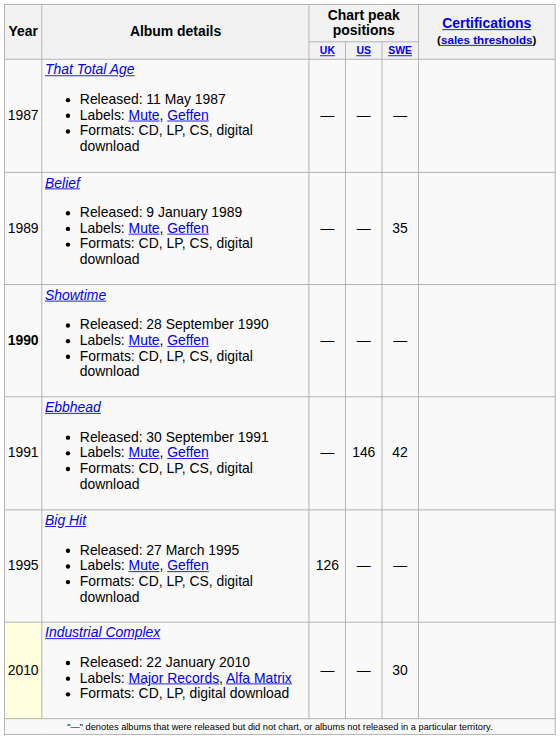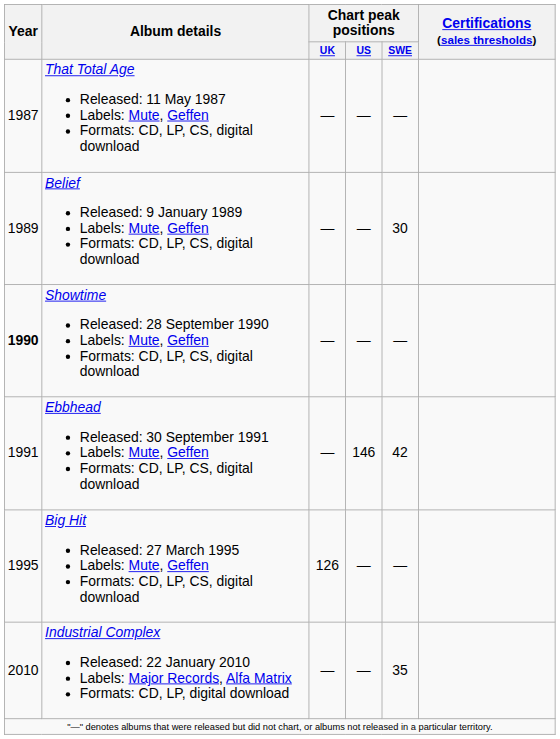 <table class="wikitable">
 <tr>
 <th rowspan="2" style="width:30px;">Year</th>
 <th rowspan="2" style="width:300px;">Album details</th>
 <th colspan="3">Chart peak positions</th>
 <th rowspan="2" style="width:150px;"><a href='#'>Certifications</a><br><small>(<a href='#'>sales thresholds</a>)</small></th>
 </tr>
 <tr>
 <th style="width:3em;font-size:75%;"><a href='#'>UK</a><br></th>
 <th style="width:3em;font-size:75%;"><a href='#'>US</a><br></th>
 <th style="width:3em;font-size:75%;"><a href='#'>SWE</a><br></th>
 </tr>
 <tr>
 <td>1987</td>
 <td><em><a href='#'>That Total Age</a></em><br><ul><li>Released: 11 May 1987</li><li>Labels: <a href='#'>Mute</a>, <a href='#'>Geffen</a></li><li>Formats: CD, LP, CS, digital download</li></ul></td>
 <td style="text-align:center;">—</td>
 <td style="text-align:center;">—</td>
 <td style="text-align:center;">—</td>
 <td align="left"></td>
 </tr>
 <tr>
 <td>1989</td>
 <td><em><a href='#'>Belief</a></em><br><ul><li>Released: 9 January 1989</li><li>Labels: <a href='#'>Mute</a>, <a href='#'>Geffen</a></li><li>Formats: CD, LP, CS, digital download</li></ul></td>
 <td style="text-align:center;">—</td>
 <td style="text-align:center;">—</td>
-<td style="text-align:center;">35</td>
+<td style="text-align:center;">30</td>
 <td align="left"></td>
 </tr>
 <tr>
 <td><strong>1990</strong></td>
 <td><em><a href='#'>Showtime</a></em><br><ul><li>Released: 28 September 1990</li><li>Labels: <a href='#'>Mute</a>, <a href='#'>Geffen</a></li><li>Formats: CD, LP, CS, digital download</li></ul></td>
 <td style="text-align:center;">—</td>
 <td style="text-align:center;">—</td>
 <td style="text-align:center;">—</td>
 <td align="left"></td>
 </tr>
 <tr>
 <td>1991</td>
 <td><em><a href='#'>Ebbhead</a></em><br><ul><li>Released: 30 September 1991</li><li>Labels: <a href='#'>Mute</a>, <a href='#'>Geffen</a></li><li>Formats: CD, LP, CS, digital download</li></ul></td>
 <td style="text-align:center;">—</td>
 <td style="text-align:center;">146</td>
 <td style="text-align:center;">42</td>
 <td align="left"></td>
 </tr>
 <tr>
 <td>1995</td>
 <td><em><a href='#'>Big Hit</a></em><br><ul><li>Released: 27 March 1995</li><li>Labels: <a href='#'>Mute</a>, <a href='#'>Geffen</a></li><li>Formats: CD, LP, CS, digital download</li></ul></td>
 <td style="text-align:center;">126</td>
 <td style="text-align:center;">—</td>
 <td style="text-align:center;">—</td>
 <td align="left"></td>
 </tr>
 <tr>
-<td style="background: lightyellow;">2010</td>
+<td>2010</td>
 <td><em><a href='#'>Industrial Complex</a></em><br><ul><li>Released: 22 January 2010</li><li>Labels: <a href='#'>Major Records</a>, <a href='#'>Alfa Matrix</a></li><li>Formats: CD, LP, digital download</li></ul></td>
 <td style="text-align:center;">—</td>
 <td style="text-align:center;">—</td>
-<td style="text-align:center;">30</td>
+<td style="text-align:center;">35</td>
 <td align="left"></td>
 </tr>
 <tr>
 <td colspan="15" style="text-align:center; font-size:8pt;">"—" denotes albums that were released but did not chart, or albums not released in a particular territory.</td>
 </tr>
 </table>
